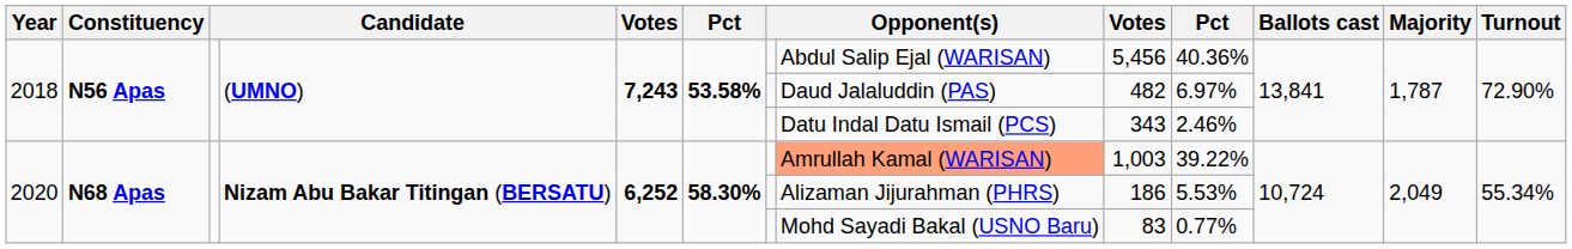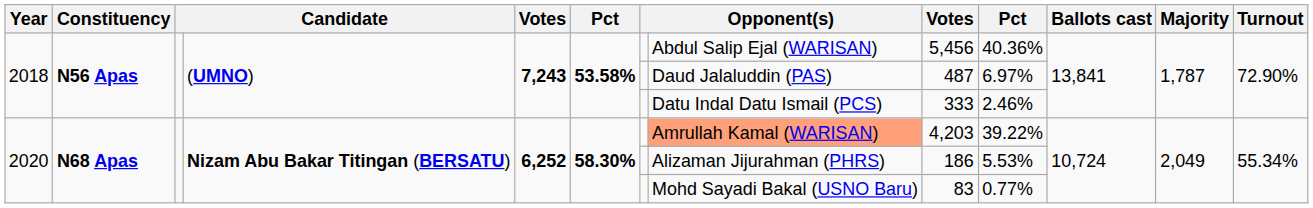 <table class="wikitable" style="margin:0.5em ; font-size:95%">
 <tr>
 <th>Year</th>
 <th>Constituency</th>
 <th colspan=2>Candidate</th>
 <th>Votes</th>
 <th>Pct</th>
 <th colspan=2>Opponent(s)</th>
 <th>Votes</th>
 <th>Pct</th>
 <th>Ballots cast</th>
 <th>Majority</th>
 <th>Turnout</th>
 </tr>
 <tr>
 <td rowspan=3>2018</td>
 <td rowspan=3><strong>N56 <a href='#'>Apas</a></strong></td>
 <td rowspan=3 ></td>
 <td rowspan=3> (<a href='#'><strong>UMNO</strong></a>)</td>
 <td rowspan=3 align="right"><strong>7,243</strong></td>
 <td rowspan=3><strong>53.58%</strong></td>
 <td></td>
 <td>Abdul Salip Ejal (<a href='#'>WARISAN</a>)</td>
 <td align="right">5,456</td>
 <td>40.36%</td>
 <td rowspan=3>13,841</td>
 <td rowspan=3>1,787</td>
 <td rowspan=3>72.90%</td>
 </tr>
 <tr>
 <td></td>
 <td>Daud Jalaluddin (<a href='#'>PAS</a>)</td>
-<td align="right">482</td>
+<td align="right">487</td>
 <td>6.97%</td>
 </tr>
 <tr>
 <td></td>
 <td>Datu Indal Datu Ismail (<a href='#'>PCS</a>)</td>
-<td align="right">343</td>
+<td align="right">333</td>
 <td>2.46%</td>
 </tr>
 <tr>
 <td rowspan=3>2020</td>
 <td rowspan=3><strong>N68 <a href='#'>Apas</a></strong></td>
 <td rowspan=3 ></td>
 <td rowspan=3><strong>Nizam Abu Bakar Titingan</strong> (<a href='#'><strong>BERSATU</strong></a>)</td>
 <td rowspan=3 align="right"><strong>6,252</strong></td>
 <td rowspan=3><strong>58.30%</strong></td>
 <td></td>
 <td style="background: lightsalmon;">Amrullah Kamal (<a href='#'>WARISAN</a>)</td>
-<td align="right">1,003</td>
+<td align="right">4,203</td>
 <td>39.22%</td>
 <td rowspan=3>10,724</td>
 <td rowspan=3>2,049</td>
 <td rowspan=3>55.34%</td>
 </tr>
 <tr>
 <td></td>
 <td>Alizaman Jijurahman (<a href='#'>PHRS</a>)</td>
 <td align="right">186</td>
 <td>5.53%</td>
 </tr>
 <tr>
 <td bgcolor=></td>
 <td>Mohd Sayadi Bakal (<a href='#'>USNO Baru</a>)</td>
 <td align="right">83</td>
 <td>0.77%</td>
 </tr>
 </table>
